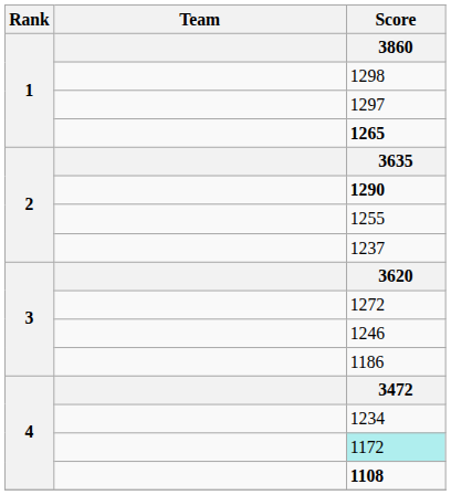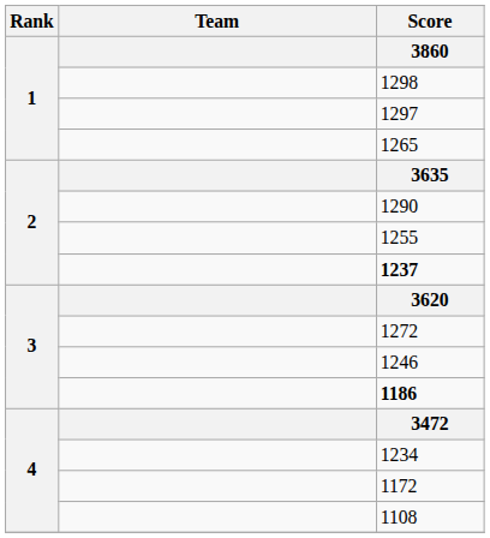 <table class="wikitable" style="font-size:95%" style="width:35em;" style="text-align:center">
 <tr>
 <th>Rank</th>
 <th width=250>Team</th>
 <th width=80>Score</th>
 </tr>
 <tr>
 <th rowspan=4>1</th>
 <th align=left></th>
 <th>3860</th>
 </tr>
 <tr>
 <td align=left></td>
 <td>1298</td>
 </tr>
 <tr>
 <td align=left></td>
 <td>1297</td>
 </tr>
 <tr>
 <td align=left></td>
-<td><strong>1265</strong></td>
+<td>1265</td>
 </tr>
 <tr>
 <th rowspan=4>2</th>
 <th align=left></th>
 <th>3635</th>
 </tr>
 <tr>
 <td align=left></td>
-<td><strong>1290</strong></td>
+<td>1290</td>
 </tr>
 <tr>
 <td align=left></td>
 <td>1255</td>
 </tr>
 <tr>
 <td align=left></td>
-<td>1237</td>
+<td><strong>1237</strong></td>
 </tr>
 <tr>
 <th rowspan=4>3</th>
 <th align=left></th>
 <th>3620</th>
 </tr>
 <tr>
 <td align=left></td>
 <td>1272</td>
 </tr>
 <tr>
 <td align=left></td>
 <td>1246</td>
 </tr>
 <tr>
 <td align=left></td>
-<td>1186</td>
+<td><strong>1186</strong></td>
 </tr>
 <tr>
 <th rowspan=4>4</th>
 <th align=left></th>
 <th>3472</th>
 </tr>
 <tr>
 <td align=left></td>
 <td>1234</td>
 </tr>
 <tr>
 <td align=left></td>
-<td style="background: paleturquoise;">1172</td>
+<td>1172</td>
 </tr>
 <tr>
 <td align=left></td>
-<td><strong>1108</strong></td>
+<td>1108</td>
 </tr>
 <tr>
 </tr>
 </table>
